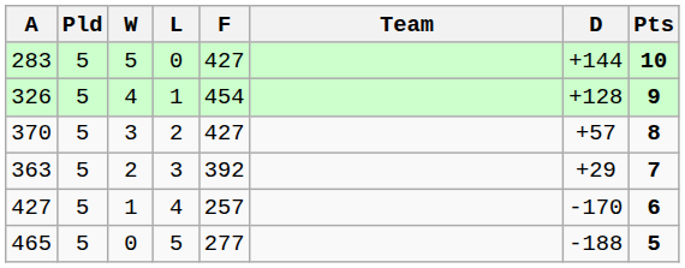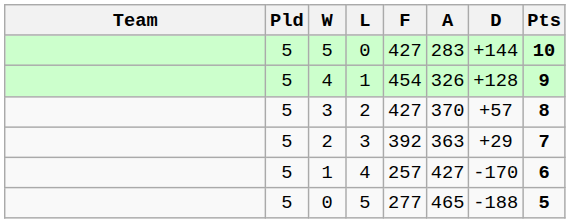 <table class="wikitable" style="text-align:center;">
 <tr>
-<th width=20 abbr="Against">A</th>
+<th width=175>Team</th>
 <th width=20 abbr="Played">Pld</th>
 <th width=20 abbr="Won">W</th>
 <th width=20 abbr="Lost">L</th>
 <th width=20 abbr="For">F</th>
-<th width=175>Team</th>
+<th width=20 abbr="Against">A</th>
 <th width=20 abbr="Difference">D</th>
 <th width=20 abbr="Points">Pts</th>
 </tr>
 <tr style="background:#ccffcc;">
-<td>283</td>
+<td style="text-align:left;"></td>
 <td>5</td>
 <td>5</td>
 <td>0</td>
 <td>427</td>
-<td style="text-align:left;"></td>
+<td>283</td>
 <td>+144</td>
 <td><strong>10</strong></td>
 </tr>
 <tr style="background:#ccffcc;">
-<td>326</td>
+<td style="text-align:left;"></td>
 <td>5</td>
 <td>4</td>
 <td>1</td>
 <td>454</td>
-<td style="text-align:left;"></td>
+<td>326</td>
 <td>+128</td>
 <td><strong>9</strong></td>
 </tr>
 <tr>
-<td>370</td>
+<td style="text-align:left;"></td>
 <td>5</td>
 <td>3</td>
 <td>2</td>
 <td>427</td>
-<td style="text-align:left;"></td>
+<td>370</td>
 <td>+57</td>
 <td><strong>8</strong></td>
 </tr>
 <tr>
-<td>363</td>
+<td style="text-align:left;"></td>
 <td>5</td>
 <td>2</td>
 <td>3</td>
 <td>392</td>
-<td style="text-align:left;"></td>
+<td>363</td>
 <td>+29</td>
 <td><strong>7 </strong></td>
 </tr>
 <tr>
-<td>427</td>
+<td style="text-align:left;"></td>
 <td>5</td>
 <td>1</td>
 <td>4</td>
 <td>257</td>
-<td style="text-align:left;"></td>
+<td>427</td>
 <td>-170</td>
 <td><strong>6</strong></td>
 </tr>
 <tr>
-<td>465</td>
+<td style="text-align:left;"></td>
 <td>5</td>
 <td>0</td>
 <td>5</td>
 <td>277</td>
-<td style="text-align:left;"></td>
+<td>465</td>
 <td>-188</td>
 <td><strong>5</strong></td>
 </tr>
 </table>
